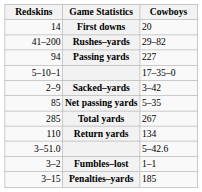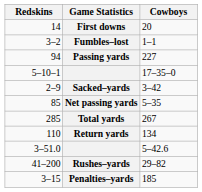 <table class="wikitable" style="margin: 1em auto 1em auto">
 <tr>
 <th style="width:30%;">Redskins</th>
 <th style="width:40%;">Game Statistics</th>
 <th style="width:30%;">Cowboys</th>
 </tr>
 <tr>
 <td style="text-align:right;">14</td>
 <th>First downs</th>
 <td>20</td>
 </tr>
 <tr>
-<td style="text-align:right;">41–200</td>
-<th>Rushes–yards</th>
-<td>29–82</td>
+<td style="text-align:right;">3–2</td>
+<th>Fumbles–lost</th>
+<td>1–1</td>
 </tr>
 <tr>
 <td style="text-align:right;">94</td>
 <th>Passing yards</th>
 <td>227</td>
 </tr>
 <tr>
 <td style="text-align:right;">5–10–1</td>
 <th></th>
 <td>17–35–0</td>
 </tr>
 <tr>
 <td style="text-align:right;">2–9</td>
 <th>Sacked–yards</th>
 <td>3–42</td>
 </tr>
 <tr>
 <td style="text-align:right;">85</td>
 <th>Net passing yards</th>
 <td>5–35</td>
 </tr>
 <tr>
 <td style="text-align:right;">285</td>
 <th>Total yards</th>
 <td>267</td>
 </tr>
 <tr>
 <td style="text-align:right;">110</td>
 <th>Return yards</th>
 <td>134</td>
 </tr>
 <tr>
 <td style="text-align:right;">3–51.0</td>
 <th></th>
 <td>5–42.6</td>
 </tr>
 <tr>
-<td style="text-align:right;">3–2</td>
-<th>Fumbles–lost</th>
-<td>1–1</td>
+<td style="text-align:right;">41–200</td>
+<th>Rushes–yards</th>
+<td>29–82</td>
 </tr>
 <tr>
 <td style="text-align:right;">3–15</td>
 <th>Penalties–yards</th>
 <td>185</td>
 </tr>
 </table>
